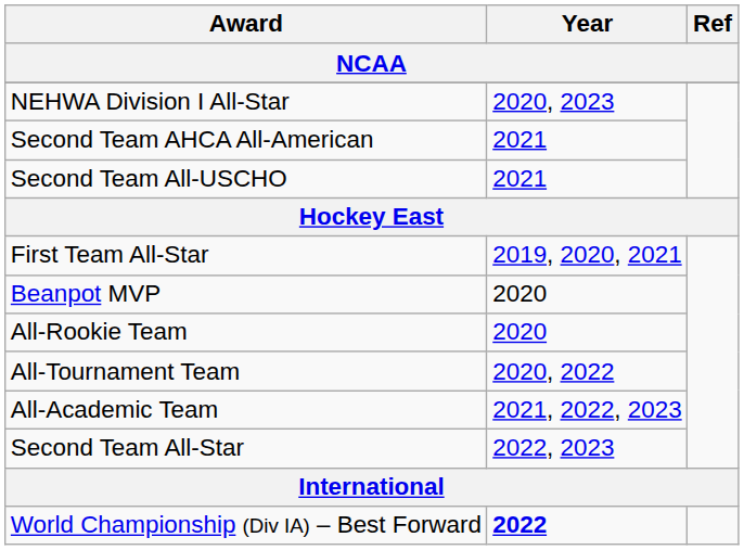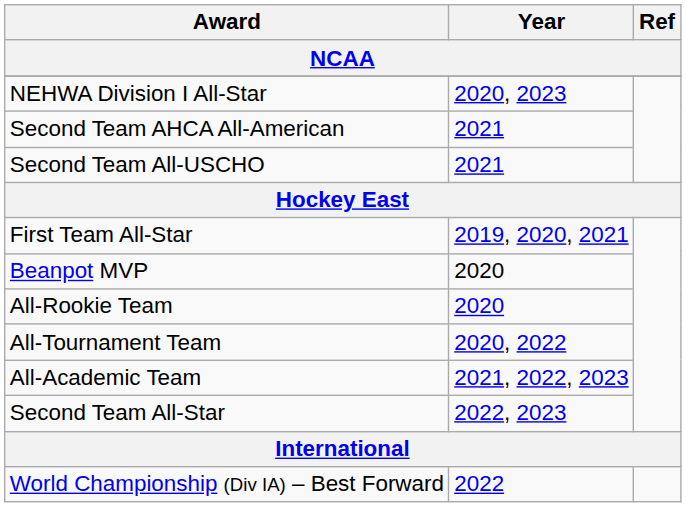 <table class="wikitable">
 <tr>
 <th>Award</th>
 <th>Year</th>
 <th>Ref</th>
 </tr>
 <tr>
 <th colspan="3"><a href='#'>NCAA</a></th>
 </tr>
 <tr>
 </tr>
 <tr>
 <td>NEHWA Division I All-Star</td>
 <td><a href='#'>2020</a>, <a href='#'>2023</a></td>
 <td rowspan="3"></td>
 </tr>
 <tr>
 <td>Second Team AHCA All-American</td>
 <td><a href='#'>2021</a></td>
 </tr>
 <tr>
 <td>Second Team All-USCHO</td>
 <td><a href='#'>2021</a></td>
 </tr>
 <tr>
 <th colspan="3"><a href='#'>Hockey East</a></th>
 </tr>
 <tr>
 <td>First Team All-Star</td>
 <td><a href='#'>2019</a>, <a href='#'>2020</a>, <a href='#'>2021</a></td>
 <td rowspan="6"></td>
 </tr>
 <tr>
 <td><a href='#'>Beanpot</a> MVP</td>
 <td>2020</td>
 </tr>
 <tr>
 <td>All-Rookie Team</td>
 <td><a href='#'>2020</a></td>
 </tr>
 <tr>
 <td>All-Tournament Team</td>
 <td><a href='#'>2020</a>, <a href='#'>2022</a></td>
 </tr>
 <tr>
 <td>All-Academic Team</td>
 <td><a href='#'>2021</a>, <a href='#'>2022</a>, <a href='#'>2023</a></td>
 </tr>
 <tr>
 <td>Second Team All-Star</td>
 <td><a href='#'>2022</a>, <a href='#'>2023</a></td>
 </tr>
 <tr>
 <th colspan="3"><a href='#'>International</a></th>
 </tr>
 <tr>
 <td><a href='#'>World Championship</a> <small>(Div IA)</small> – Best Forward</td>
-<td><strong><a href='#'>2022</a></strong></td>
+<td><a href='#'>2022</a></td>
 <td></td>
 </tr>
 </table>
